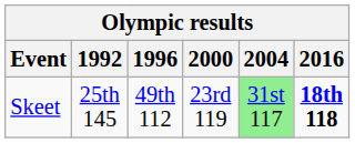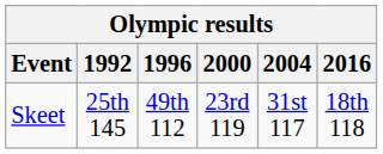 <table class="wikitable" style="text-align: center">
 <tr>
 <th colspan=7>Olympic results</th>
 </tr>
 <tr>
 <th>Event</th>
 <th>1992</th>
 <th>1996</th>
 <th>2000</th>
 <th>2004</th>
 <th>2016</th>
 </tr>
 <tr>
 <td align=left><a href='#'>Skeet</a></td>
 <td><a href='#'>25th</a><br>145</td>
 <td><a href='#'>49th</a><br>112</td>
 <td><a href='#'>23rd</a><br>119</td>
-<td style="background: lightgreen;"><a href='#'>31st</a><br>117</td>
-<td><strong><a href='#'>18th</a><br>118</strong></td>
+<td><a href='#'>31st</a><br>117</td>
+<td><a href='#'>18th</a><br>118</td>
 </tr>
 </table>
